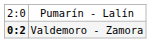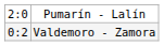 <table class="wikitable">
 <tr align=center bgcolor=white>
 <td>2:0</td>
 <td>Pumarín - Lalín</td>
 </tr>
 <tr align=center bgcolor=#F5F5F5>
-<td><strong>0:2</strong></td>
+<td>0:2</td>
 <td>Valdemoro - Zamora</td>
 </tr>
 </table>
